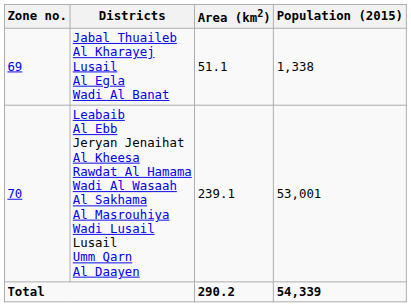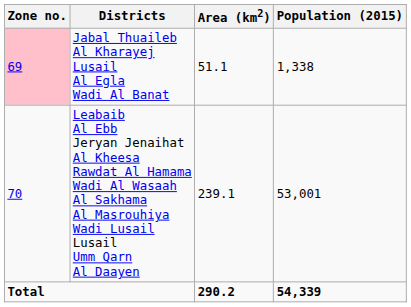 <table class="wikitable">
 <tr>
 <th>Zone no.</th>
 <th>Districts</th>
 <th>Area (km<sup>2</sup>)</th>
 <th>Population (2015)</th>
 </tr>
 <tr>
-<td><a href='#'>69</a></td>
+<td style="background: pink;"><a href='#'>69</a></td>
 <td><a href='#'>Jabal Thuaileb</a> <br> <a href='#'>Al Kharayej</a> <br> <a href='#'>Lusail</a> <br> <a href='#'>Al Egla</a> <br> <a href='#'>Wadi Al Banat</a></td>
 <td>51.1</td>
 <td>1,338</td>
 </tr>
 <tr>
 <td><a href='#'>70</a></td>
 <td><a href='#'>Leabaib</a> <br> <a href='#'>Al Ebb</a> <br> Jeryan Jenaihat <br> <a href='#'>Al Kheesa</a> <br> <a href='#'>Rawdat Al Hamama</a> <br> <a href='#'>Wadi Al Wasaah</a> <br> <a href='#'>Al Sakhama</a> <br> <a href='#'>Al Masrouhiya</a> <br> <a href='#'>Wadi Lusail</a> <br> Lusail <br> <a href='#'>Umm Qarn</a> <br> <a href='#'>Al Daayen</a></td>
 <td>239.1</td>
 <td>53,001</td>
 </tr>
 <tr>
 <td colspan="2"><strong>Total</strong></td>
 <td><strong>290.2</strong></td>
 <td><strong>54,339</strong></td>
 </tr>
 </table>
